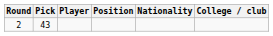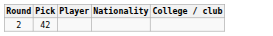 <table class="wikitable sortable sortable">
 <tr>
 <th>Round</th>
 <th>Pick</th>
 <th>Player</th>
-<th>Position</th>
 <th>Nationality</th>
 <th>College / club</th>
 </tr>
 <tr style="text-align: center">
 <td>2</td>
-<td>43</td>
-<td></td>
+<td>42</td>
 <td></td>
 <td></td>
 <td></td>
 </tr>
 </table>
